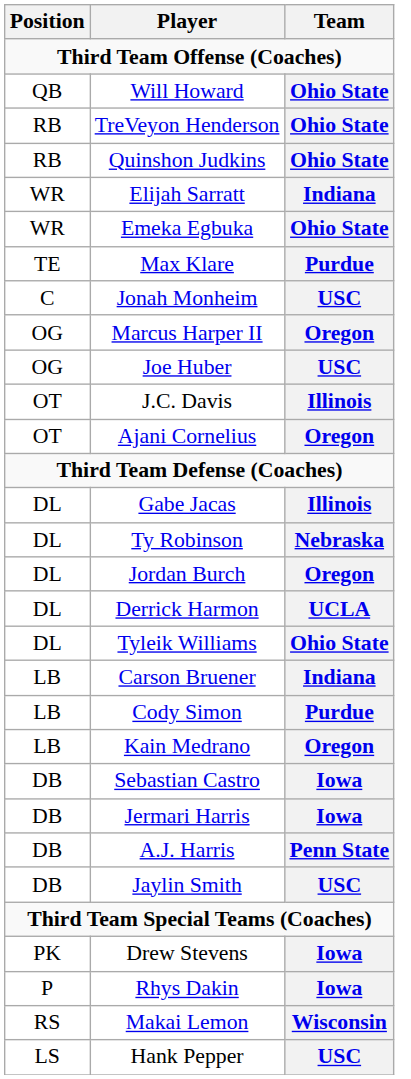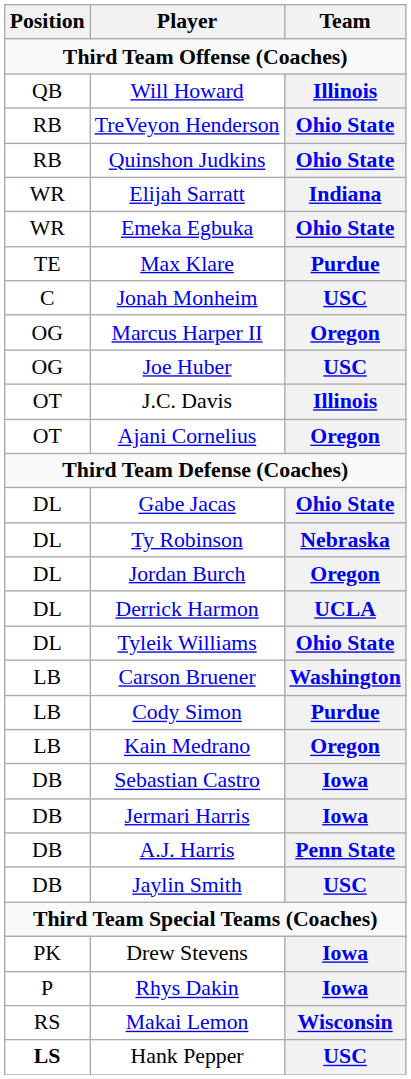 <table class="wikitable sortable">
 <tr>
 <th>Position</th>
 <th>Player</th>
 <th>Team</th>
 </tr>
 <tr>
 <td colspan="3" style="text-align:center; "><strong>Third Team Offense (Coaches)</strong></td>
 </tr>
 <tr style="text-align:center;">
 <td style="background:white">QB</td>
 <td style="background:white"><a href='#'>Will Howard</a></td>
-<th><a href='#'>Ohio State</a></th>
+<th><a href='#'>Illinois</a></th>
 </tr>
 <tr style="text-align:center;">
 <td style="background:white">RB</td>
 <td style="background:white"><a href='#'>TreVeyon Henderson</a></td>
 <th><a href='#'>Ohio State</a></th>
 </tr>
 <tr style="text-align:center;">
 <td style="background:white">RB</td>
 <td style="background:white"><a href='#'>Quinshon Judkins</a></td>
 <th><a href='#'>Ohio State</a></th>
 </tr>
 <tr style="text-align:center;">
 <td style="background:white">WR</td>
 <td style="background:white"><a href='#'>Elijah Sarratt</a></td>
 <th><a href='#'>Indiana</a></th>
 </tr>
 <tr style="text-align:center;">
 <td style="background:white">WR</td>
 <td style="background:white"><a href='#'>Emeka Egbuka</a></td>
 <th><a href='#'>Ohio State</a></th>
 </tr>
 <tr style="text-align:center;">
 <td style="background:white">TE</td>
 <td style="background:white"><a href='#'>Max Klare</a></td>
 <th><a href='#'>Purdue</a></th>
 </tr>
 <tr style="text-align:center;">
 <td style="background:white">C</td>
 <td style="background:white"><a href='#'>Jonah Monheim</a></td>
 <th><a href='#'>USC</a></th>
 </tr>
 <tr style="text-align:center;">
 <td style="background:white">OG</td>
 <td style="background:white"><a href='#'>Marcus Harper II</a></td>
 <th><a href='#'>Oregon</a></th>
 </tr>
 <tr style="text-align:center;">
 <td style="background:white">OG</td>
 <td style="background:white"><a href='#'>Joe Huber</a></td>
 <th><a href='#'>USC</a></th>
 </tr>
 <tr style="text-align:center;">
 <td style="background:white">OT</td>
 <td style="background:white">J.C. Davis</td>
 <th><a href='#'>Illinois</a></th>
 </tr>
 <tr style="text-align:center;">
 <td style="background:white">OT</td>
 <td style="background:white"><a href='#'>Ajani Cornelius</a></td>
 <th><a href='#'>Oregon</a></th>
 </tr>
 <tr>
 <td colspan="3" style="text-align:center; "><strong>Third Team Defense (Coaches)</strong></td>
 </tr>
 <tr style="text-align:center;">
 <td style="background:white">DL</td>
 <td style="background:white"><a href='#'>Gabe Jacas</a></td>
-<th><a href='#'>Illinois</a></th>
+<th><a href='#'>Ohio State</a></th>
 </tr>
 <tr style="text-align:center;">
 <td style="background:white">DL</td>
 <td style="background:white"><a href='#'>Ty Robinson</a></td>
 <th><a href='#'>Nebraska</a></th>
 </tr>
 <tr style="text-align:center;">
 <td style="background:white">DL</td>
 <td style="background:white"><a href='#'>Jordan Burch</a></td>
 <th><a href='#'>Oregon</a></th>
 </tr>
 <tr style="text-align:center;">
 <td style="background:white">DL</td>
 <td style="background:white"><a href='#'>Derrick Harmon</a></td>
 <th><a href='#'>UCLA</a></th>
 </tr>
 <tr style="text-align:center;">
 <td style="background:white">DL</td>
 <td style="background:white"><a href='#'>Tyleik Williams</a></td>
 <th><a href='#'>Ohio State</a></th>
 </tr>
 <tr style="text-align:center;">
 <td style="background:white">LB</td>
 <td style="background:white"><a href='#'>Carson Bruener</a></td>
-<th><a href='#'>Indiana</a></th>
+<th><a href='#'>Washington</a></th>
 </tr>
 <tr style="text-align:center;">
 <td style="background:white">LB</td>
 <td style="background:white"><a href='#'>Cody Simon</a></td>
 <th><a href='#'>Purdue</a></th>
 </tr>
 <tr style="text-align:center;">
 <td style="background:white">LB</td>
 <td style="background:white"><a href='#'>Kain Medrano</a></td>
 <th><a href='#'>Oregon</a></th>
 </tr>
 <tr style="text-align:center;">
 <td style="background:white">DB</td>
 <td style="background:white"><a href='#'>Sebastian Castro</a></td>
 <th><a href='#'>Iowa</a></th>
 </tr>
 <tr style="text-align:center;">
 <td style="background:white">DB</td>
 <td style="background:white"><a href='#'>Jermari Harris</a></td>
 <th><a href='#'>Iowa</a></th>
 </tr>
 <tr style="text-align:center;">
 <td style="background:white">DB</td>
 <td style="background:white"><a href='#'>A.J. Harris</a></td>
 <th><a href='#'>Penn State</a></th>
 </tr>
 <tr style="text-align:center;">
 <td style="background:white">DB</td>
 <td style="background:white"><a href='#'>Jaylin Smith</a></td>
 <th><a href='#'>USC</a></th>
 </tr>
 <tr>
 <td colspan="4" style="text-align:center; "><strong>Third Team Special Teams (Coaches)</strong></td>
 </tr>
 <tr style="text-align:center;">
 <td style="background:white">PK</td>
 <td style="background:white">Drew Stevens</td>
 <th><a href='#'>Iowa</a></th>
 </tr>
 <tr style="text-align:center;">
 <td style="background:white">P</td>
 <td style="background:white"><a href='#'>Rhys Dakin</a></td>
 <th><a href='#'>Iowa</a></th>
 </tr>
 <tr style="text-align:center;">
 <td style="background:white">RS</td>
 <td style="background:white"><a href='#'>Makai Lemon</a></td>
 <th><a href='#'>Wisconsin</a></th>
 </tr>
 <tr style="text-align:center;">
-<td style="background:white">LS</td>
+<td style="background:white"><strong>LS</strong></td>
 <td style="background:white">Hank Pepper</td>
 <th><a href='#'>USC</a></th>
 </tr>
 </table>
